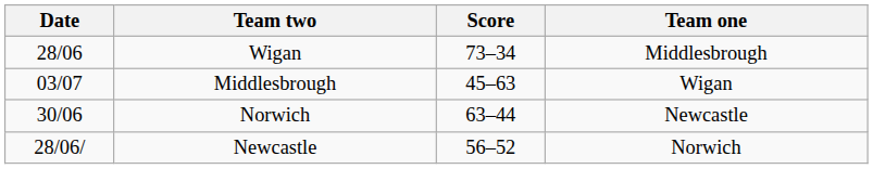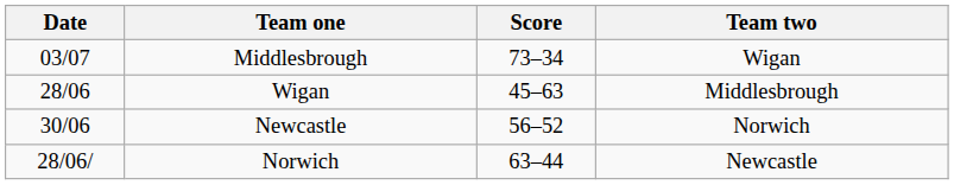 <table class="wikitable" style="text-align: center">
 <tr>
 <th width=80>Date</th>
+<th width=250>Team one</th>
+<th width=80>Score</th>
 <th width=250>Team two</th>
-<th width=80>Score</th>
-<th width=250>Team one</th>
+</tr>
+<tr>
+<td>03/07</td>
+<td>Middlesbrough</td>
+<td>73–34</td>
+<td>Wigan</td>
 </tr>
 <tr>
 <td>28/06</td>
 <td>Wigan</td>
-<td>73–34</td>
+<td>45–63</td>
 <td>Middlesbrough</td>
 </tr>
 <tr>
-<td>03/07</td>
-<td>Middlesbrough</td>
-<td>45–63</td>
-<td>Wigan</td>
+<td>30/06</td>
+<td>Newcastle</td>
+<td>56–52</td>
+<td>Norwich</td>
 </tr>
 <tr>
-<td>30/06</td>
+<td>28/06/</td>
 <td>Norwich</td>
 <td>63–44</td>
 <td>Newcastle</td>
 </tr>
-<tr>
-<td>28/06/</td>
-<td>Newcastle</td>
-<td>56–52</td>
-<td>Norwich</td>
-</tr>
 </table>
